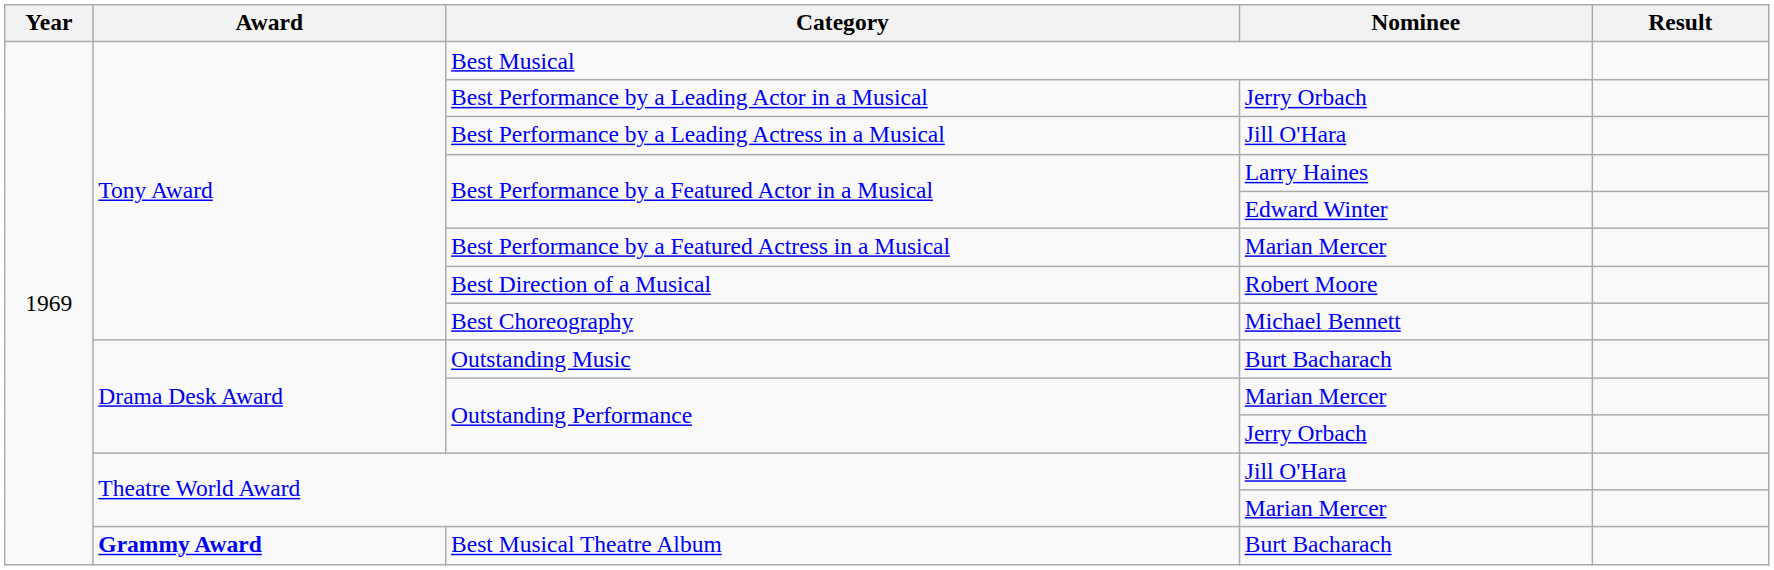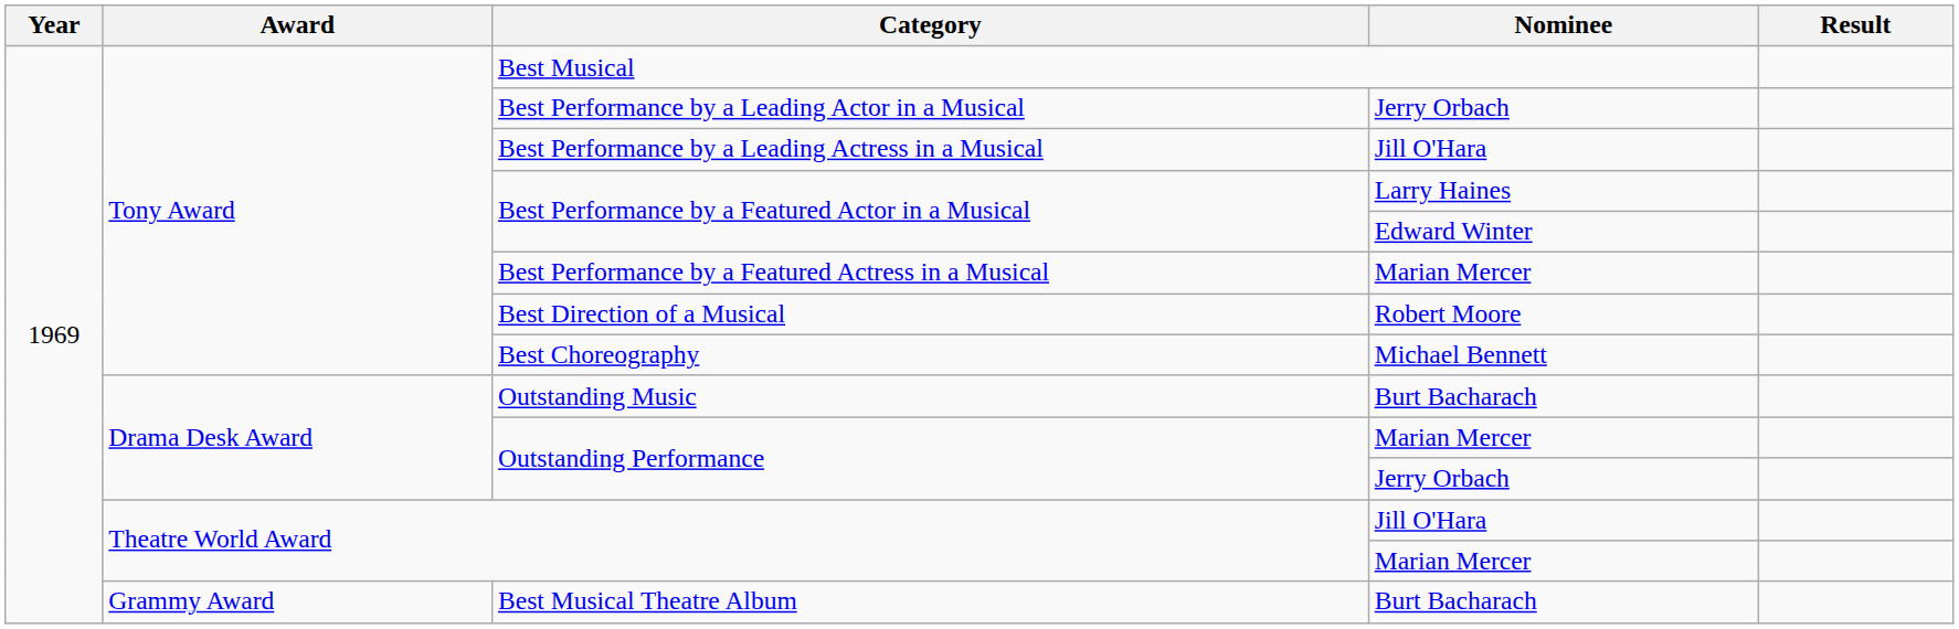 <table class="wikitable" width="95%">
 <tr>
 <th width="5%">Year</th>
 <th width="20%">Award</th>
 <th width="45%">Category</th>
 <th width="20%">Nominee</th>
 <th width="10%">Result</th>
 </tr>
 <tr>
 <td rowspan="14" align="center">1969</td>
 <td rowspan="8"><a href='#'>Tony Award</a></td>
 <td colspan="2"><a href='#'>Best Musical</a></td>
 <td></td>
 </tr>
 <tr>
 <td><a href='#'>Best Performance by a Leading Actor in a Musical</a></td>
 <td><a href='#'>Jerry Orbach</a></td>
 <td></td>
 </tr>
 <tr>
 <td><a href='#'>Best Performance by a Leading Actress in a Musical</a></td>
 <td><a href='#'>Jill O'Hara</a></td>
 <td></td>
 </tr>
 <tr>
 <td rowspan="2"><a href='#'>Best Performance by a Featured Actor in a Musical</a></td>
 <td><a href='#'>Larry Haines</a></td>
 <td></td>
 </tr>
 <tr>
 <td><a href='#'>Edward Winter</a></td>
 <td></td>
 </tr>
 <tr>
 <td><a href='#'>Best Performance by a Featured Actress in a Musical</a></td>
 <td><a href='#'>Marian Mercer</a></td>
 <td></td>
 </tr>
 <tr>
 <td><a href='#'>Best Direction of a Musical</a></td>
 <td><a href='#'>Robert Moore</a></td>
 <td></td>
 </tr>
 <tr>
 <td><a href='#'>Best Choreography</a></td>
 <td><a href='#'>Michael Bennett</a></td>
 <td></td>
 </tr>
 <tr>
 <td rowspan="3"><a href='#'>Drama Desk Award</a></td>
 <td><a href='#'>Outstanding Music</a></td>
 <td><a href='#'>Burt Bacharach</a></td>
 <td></td>
 </tr>
 <tr>
 <td rowspan="2"><a href='#'>Outstanding Performance</a></td>
 <td><a href='#'>Marian Mercer</a></td>
 <td></td>
 </tr>
 <tr>
 <td><a href='#'>Jerry Orbach</a></td>
 <td></td>
 </tr>
 <tr>
 <td rowspan="2" colspan="2"><a href='#'>Theatre World Award</a></td>
 <td><a href='#'>Jill O'Hara</a></td>
 <td></td>
 </tr>
 <tr>
 <td><a href='#'>Marian Mercer</a></td>
 <td></td>
 </tr>
 <tr>
-<td><strong><a href='#'>Grammy Award</a></strong></td>
+<td><a href='#'>Grammy Award</a></td>
 <td><a href='#'>Best Musical Theatre Album</a></td>
 <td><a href='#'>Burt Bacharach</a></td>
 <td></td>
 </tr>
 </table>
